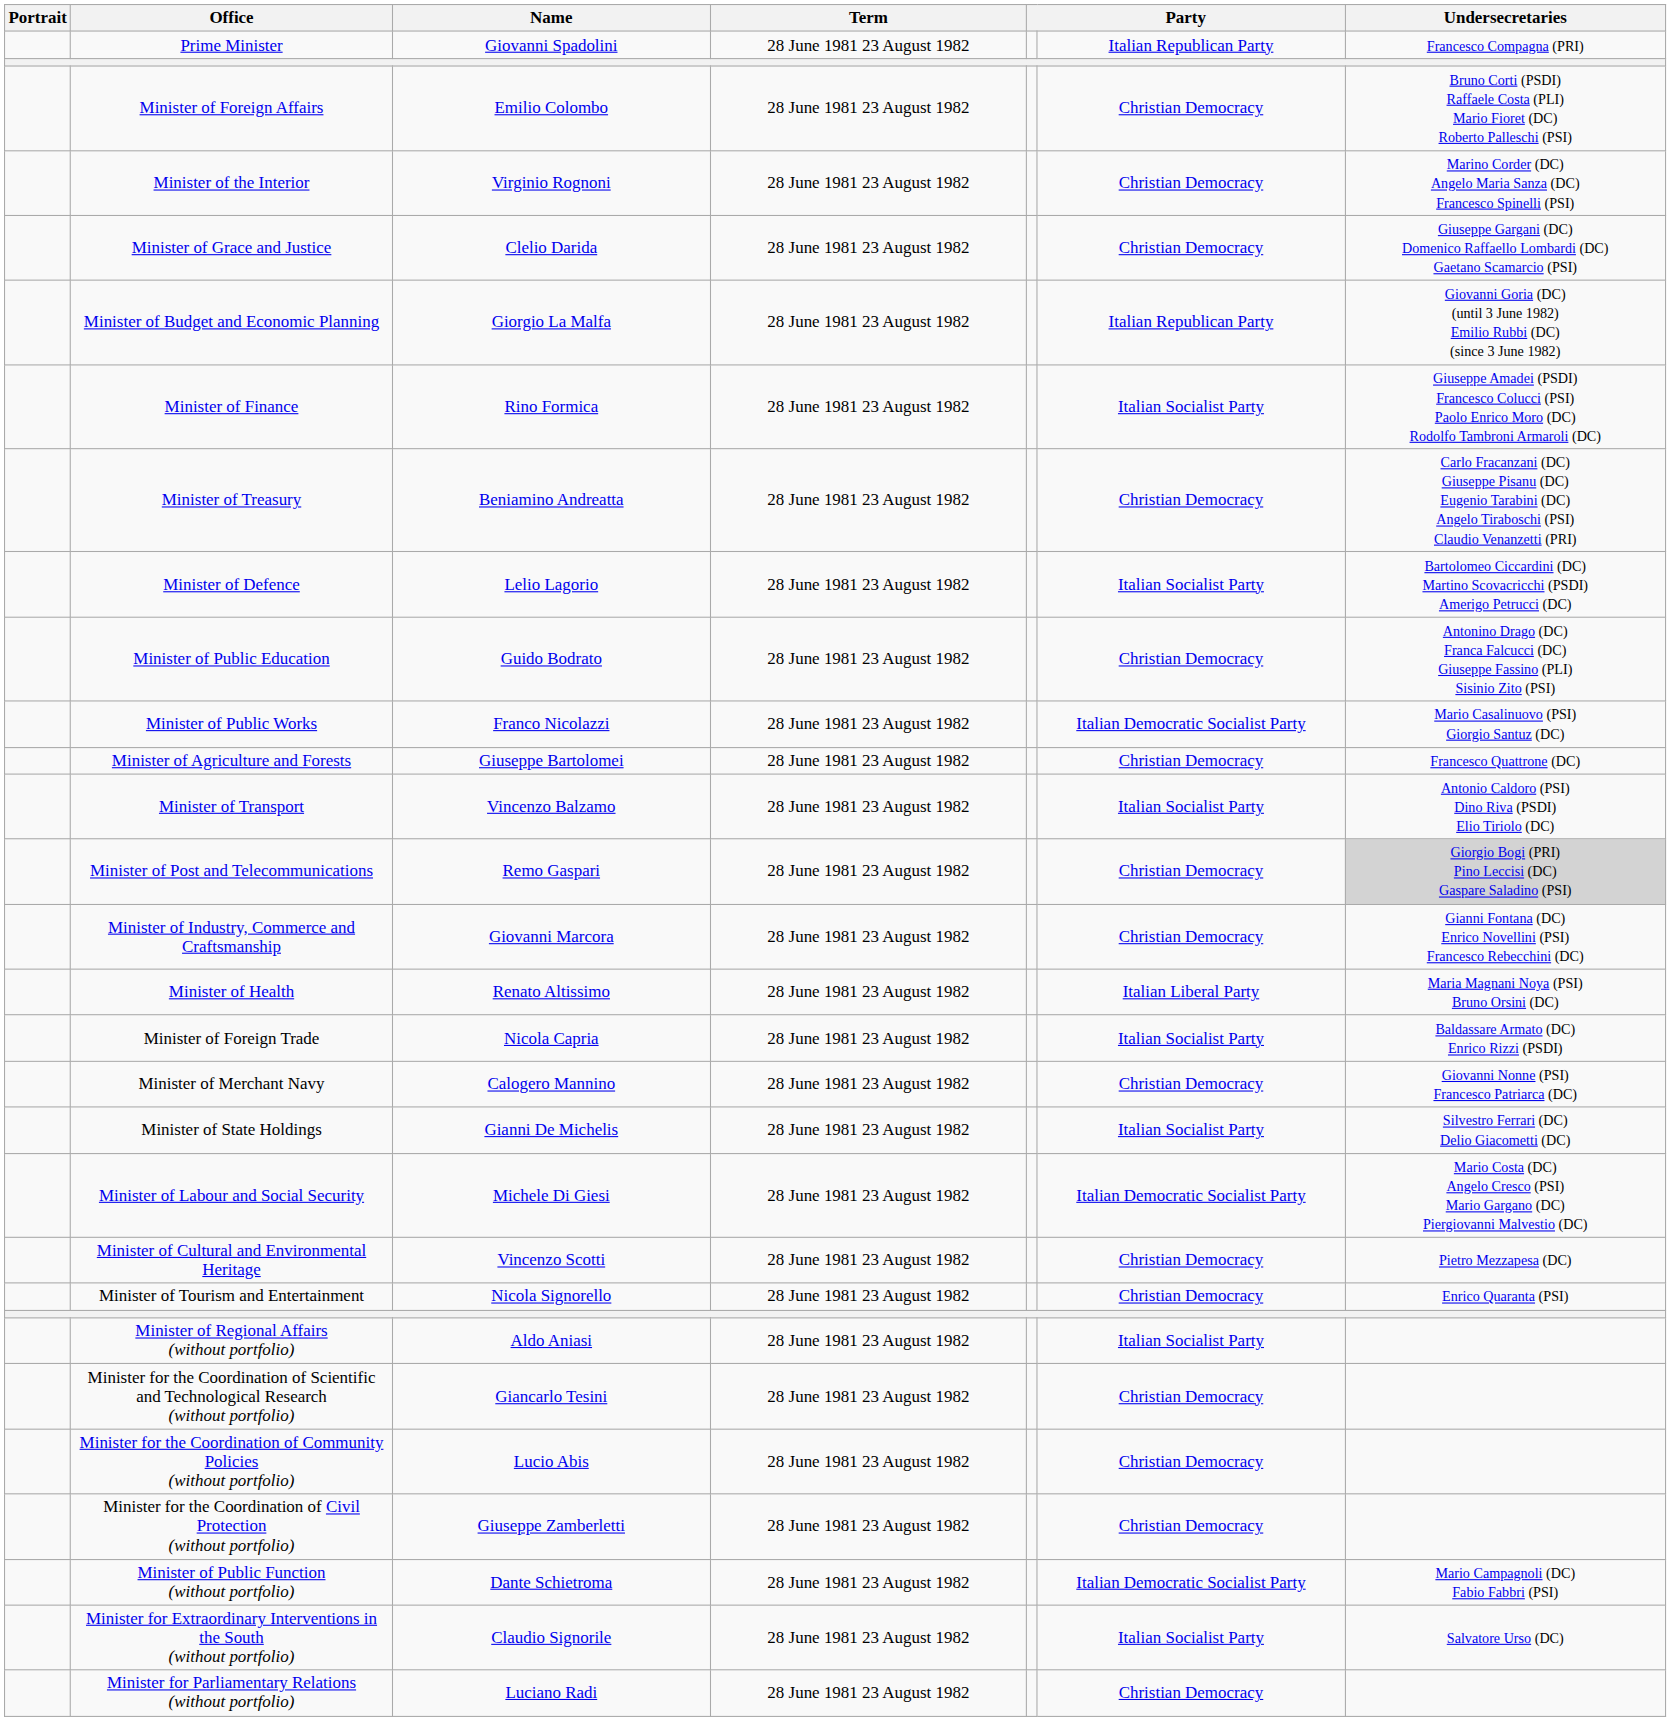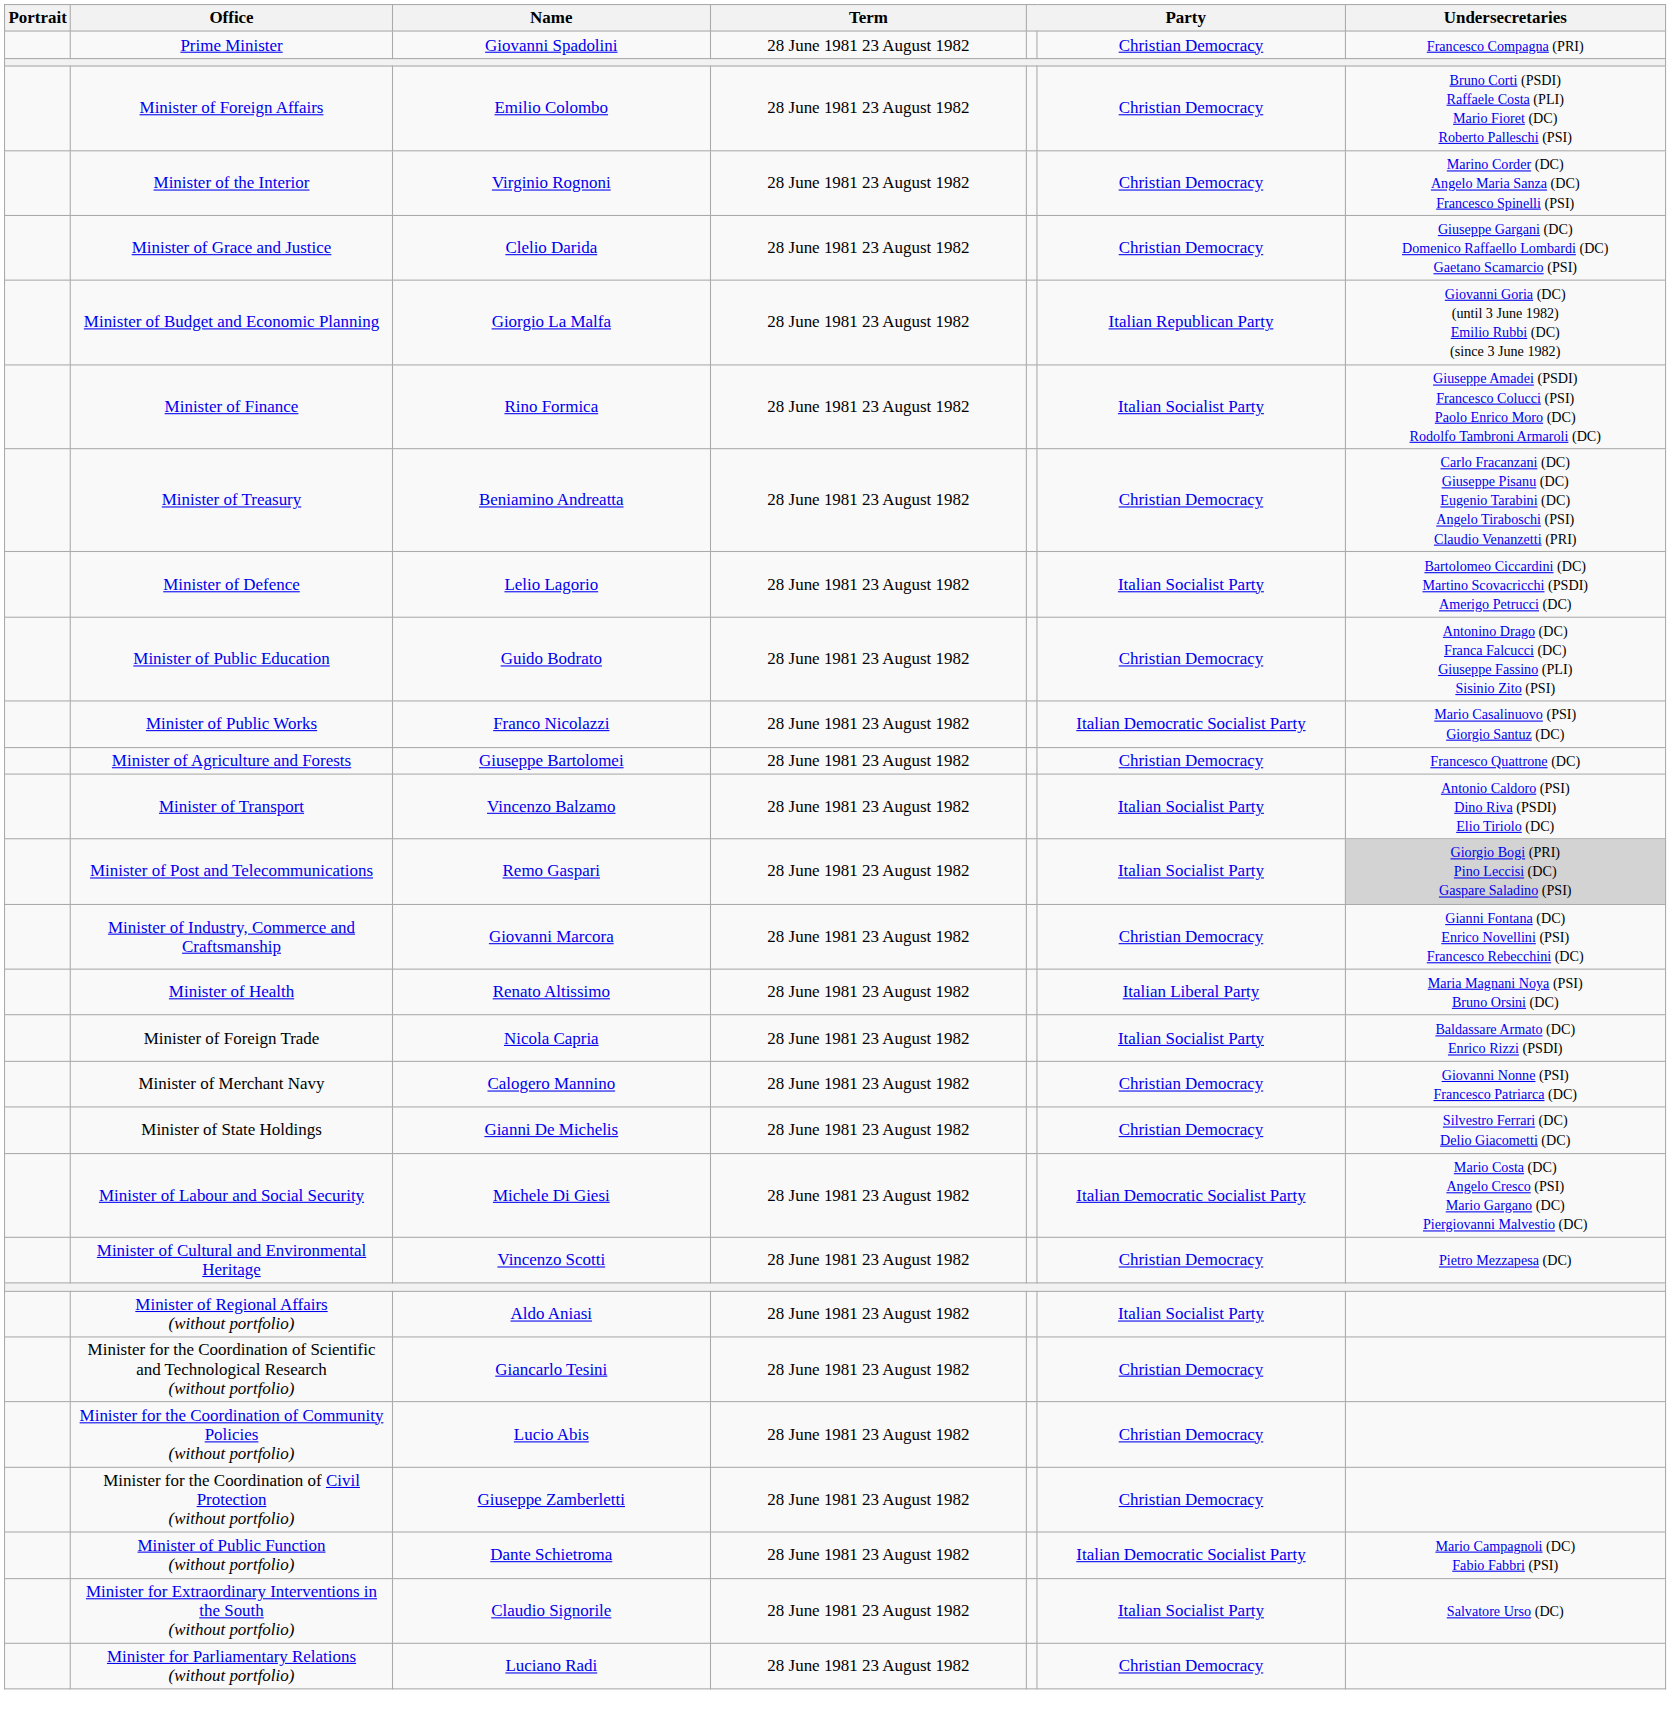 <table class="wikitable" style="text-align:center">
 <tr>
 <th>Portrait</th>
 <th width=20%>Office</th>
 <th width=20%>Name</th>
 <th width=20%>Term</th>
 <th width=20% colspan=2>Party</th>
 <th width=20%>Undersecretaries</th>
 </tr>
 <tr>
 <td></td>
 <td><a href='#'>Prime Minister</a></td>
 <td><a href='#'>Giovanni Spadolini</a></td>
 <td>28 June 1981  23 August 1982</td>
 <td style="color:inherit;background:"></td>
-<td><a href='#'>Italian Republican Party</a></td>
+<td><a href='#'>Christian Democracy</a></td>
 <td><small><a href='#'>Francesco Compagna</a> (PRI)</small></td>
 </tr>
 <tr>
 <th colspan="7"></th>
 </tr>
 <tr>
 <td></td>
 <td><a href='#'>Minister of Foreign Affairs</a></td>
 <td><a href='#'>Emilio Colombo</a></td>
 <td>28 June 1981  23 August 1982</td>
 <td style="background:"></td>
 <td><a href='#'>Christian Democracy</a></td>
 <td><small><a href='#'>Bruno Corti</a> (PSDI) <br> <a href='#'>Raffaele Costa</a> (PLI) <br> <a href='#'>Mario Fioret</a> (DC) <br> <a href='#'>Roberto Palleschi</a> (PSI)</small></td>
 </tr>
 <tr>
 <td></td>
 <td><a href='#'>Minister of the Interior</a></td>
 <td><a href='#'>Virginio Rognoni</a></td>
 <td>28 June 1981  23 August 1982</td>
 <td style="background:"></td>
 <td><a href='#'>Christian Democracy</a></td>
 <td><small><a href='#'>Marino Corder</a> (DC) <br> <a href='#'>Angelo Maria Sanza</a> (DC) <br> <a href='#'>Francesco Spinelli</a> (PSI)</small></td>
 </tr>
 <tr>
 <td></td>
 <td><a href='#'>Minister of Grace and Justice</a></td>
 <td><a href='#'>Clelio Darida</a></td>
 <td>28 June 1981  23 August 1982</td>
 <td style="background:"></td>
 <td><a href='#'>Christian Democracy</a></td>
 <td><small><a href='#'>Giuseppe Gargani</a> (DC) <br> <a href='#'>Domenico Raffaello Lombardi</a> (DC) <br> <a href='#'>Gaetano Scamarcio</a> (PSI)</small></td>
 </tr>
 <tr>
 <td></td>
 <td><a href='#'>Minister of Budget and Economic Planning</a></td>
 <td><a href='#'>Giorgio La Malfa</a></td>
 <td>28 June 1981  23 August 1982</td>
 <td style="background:"></td>
 <td><a href='#'>Italian Republican Party</a></td>
 <td><small><a href='#'>Giovanni Goria</a> (DC)<br>(until 3 June 1982)<br> <a href='#'>Emilio Rubbi</a> (DC)<br>(since 3 June 1982)</small></td>
 </tr>
 <tr>
 <td></td>
 <td><a href='#'>Minister of Finance</a></td>
 <td><a href='#'>Rino Formica</a></td>
 <td>28 June 1981  23 August 1982</td>
 <td style="background:"></td>
 <td><a href='#'>Italian Socialist Party</a></td>
 <td><small><a href='#'>Giuseppe Amadei</a> (PSDI) <br> <a href='#'>Francesco Colucci</a> (PSI) <br> <a href='#'>Paolo Enrico Moro</a> (DC) <br> <a href='#'>Rodolfo Tambroni Armaroli</a> (DC)</small></td>
 </tr>
 <tr>
 <td></td>
 <td><a href='#'>Minister of Treasury</a></td>
 <td><a href='#'>Beniamino Andreatta</a></td>
 <td>28 June 1981  23 August 1982</td>
 <td style="background:"></td>
 <td><a href='#'>Christian Democracy</a></td>
 <td><small><a href='#'>Carlo Fracanzani</a> (DC) <br> <a href='#'>Giuseppe Pisanu</a> (DC) <br> <a href='#'>Eugenio Tarabini</a> (DC) <br> <a href='#'>Angelo Tiraboschi</a> (PSI) <br> <a href='#'>Claudio Venanzetti</a> (PRI)</small></td>
 </tr>
 <tr>
 <td></td>
 <td><a href='#'>Minister of Defence</a></td>
 <td><a href='#'>Lelio Lagorio</a></td>
 <td>28 June 1981  23 August 1982</td>
 <td style="background:"></td>
 <td><a href='#'>Italian Socialist Party</a></td>
 <td><small><a href='#'>Bartolomeo Ciccardini</a> (DC) <br> <a href='#'>Martino Scovacricchi</a> (PSDI) <br> <a href='#'>Amerigo Petrucci</a> (DC)</small></td>
 </tr>
 <tr>
 <td></td>
 <td><a href='#'>Minister of Public Education</a></td>
 <td><a href='#'>Guido Bodrato</a></td>
 <td>28 June 1981  23 August 1982</td>
 <td style="background:"></td>
 <td><a href='#'>Christian Democracy</a></td>
 <td><small><a href='#'>Antonino Drago</a> (DC) <br> <a href='#'>Franca Falcucci</a> (DC) <br> <a href='#'>Giuseppe Fassino</a> (PLI) <br> <a href='#'>Sisinio Zito</a> (PSI)</small></td>
 </tr>
 <tr>
 <td></td>
 <td><a href='#'>Minister of Public Works</a></td>
 <td><a href='#'>Franco Nicolazzi</a></td>
 <td>28 June 1981  23 August 1982</td>
 <td style="background:"></td>
 <td><a href='#'>Italian Democratic Socialist Party</a></td>
 <td><small><a href='#'>Mario Casalinuovo</a> (PSI) <br> <a href='#'>Giorgio Santuz</a> (DC)</small></td>
 </tr>
 <tr>
 <td></td>
 <td><a href='#'>Minister of Agriculture and Forests</a></td>
 <td><a href='#'>Giuseppe Bartolomei</a></td>
 <td>28 June 1981  23 August 1982</td>
 <td style="background:"></td>
 <td><a href='#'>Christian Democracy</a></td>
 <td><small><a href='#'>Francesco Quattrone</a> (DC)</small></td>
 </tr>
 <tr>
 <td></td>
 <td><a href='#'>Minister of Transport</a></td>
 <td><a href='#'>Vincenzo Balzamo</a></td>
 <td>28 June 1981  23 August 1982</td>
 <td style="background:"></td>
 <td><a href='#'>Italian Socialist Party</a></td>
 <td><small><a href='#'>Antonio Caldoro</a> (PSI) <br> <a href='#'>Dino Riva</a> (PSDI) <br> <a href='#'>Elio Tiriolo</a> (DC)</small></td>
 </tr>
 <tr>
 <td></td>
 <td><a href='#'>Minister of Post and Telecommunications</a></td>
 <td><a href='#'>Remo Gaspari</a></td>
 <td>28 June 1981  23 August 1982</td>
 <td style="background:"></td>
-<td><a href='#'>Christian Democracy</a></td>
+<td><a href='#'>Italian Socialist Party</a></td>
 <td style="background: lightgrey;"><small><a href='#'>Giorgio Bogi</a> (PRI) <br> <a href='#'>Pino Leccisi</a> (DC) <br> <a href='#'>Gaspare Saladino</a> (PSI)</small></td>
 </tr>
 <tr>
 <td></td>
 <td><a href='#'>Minister of Industry, Commerce and Craftsmanship</a></td>
 <td><a href='#'>Giovanni Marcora</a></td>
 <td>28 June 1981  23 August 1982</td>
 <td style="background:"></td>
 <td><a href='#'>Christian Democracy</a></td>
 <td><small><a href='#'>Gianni Fontana</a> (DC) <br> <a href='#'>Enrico Novellini</a> (PSI) <br> <a href='#'>Francesco Rebecchini</a> (DC)</small></td>
 </tr>
 <tr>
 <td></td>
 <td><a href='#'>Minister of Health</a></td>
 <td><a href='#'>Renato Altissimo</a></td>
 <td>28 June 1981  23 August 1982</td>
 <td style="background:"></td>
 <td><a href='#'>Italian Liberal Party</a></td>
 <td><small><a href='#'>Maria Magnani Noya</a> (PSI) <br> <a href='#'>Bruno Orsini</a> (DC)</small></td>
 </tr>
 <tr>
 <td></td>
 <td>Minister of Foreign Trade</td>
 <td><a href='#'>Nicola Capria</a></td>
 <td>28 June 1981  23 August 1982</td>
 <td style="background:"></td>
 <td><a href='#'>Italian Socialist Party</a></td>
 <td><small><a href='#'>Baldassare Armato</a> (DC) <br> <a href='#'>Enrico Rizzi</a> (PSDI)</small></td>
 </tr>
 <tr>
 <td></td>
 <td>Minister of Merchant Navy</td>
 <td><a href='#'>Calogero Mannino</a></td>
 <td>28 June 1981  23 August 1982</td>
 <td style="background:"></td>
 <td><a href='#'>Christian Democracy</a></td>
 <td><small><a href='#'>Giovanni Nonne</a> (PSI) <br> <a href='#'>Francesco Patriarca</a> (DC)</small></td>
 </tr>
 <tr>
 <td></td>
 <td>Minister of State Holdings</td>
 <td><a href='#'>Gianni De Michelis</a></td>
 <td>28 June 1981  23 August 1982</td>
 <td style="background:"></td>
-<td><a href='#'>Italian Socialist Party</a></td>
+<td><a href='#'>Christian Democracy</a></td>
 <td><small><a href='#'>Silvestro Ferrari</a> (DC) <br> <a href='#'>Delio Giacometti</a> (DC)</small></td>
 </tr>
 <tr>
 <td></td>
 <td><a href='#'>Minister of Labour and Social Security</a></td>
 <td><a href='#'>Michele Di Giesi</a></td>
 <td>28 June 1981  23 August 1982</td>
 <td style="background:"></td>
 <td><a href='#'>Italian Democratic Socialist Party</a></td>
 <td><small><a href='#'>Mario Costa</a> (DC) <br> <a href='#'>Angelo Cresco</a> (PSI) <br> <a href='#'>Mario Gargano</a> (DC) <br> <a href='#'>Piergiovanni Malvestio</a> (DC)</small></td>
 </tr>
 <tr>
 <td></td>
 <td><a href='#'>Minister of Cultural and Environmental Heritage</a></td>
 <td><a href='#'>Vincenzo Scotti</a></td>
 <td>28 June 1981  23 August 1982</td>
 <td style="background:"></td>
 <td><a href='#'>Christian Democracy</a></td>
 <td><small><a href='#'>Pietro Mezzapesa</a> (DC)</small></td>
-</tr>
-<tr>
-<td></td>
-<td>Minister of Tourism and Entertainment</td>
-<td><a href='#'>Nicola Signorello</a></td>
-<td>28 June 1981  23 August 1982</td>
-<td style="background:"></td>
-<td><a href='#'>Christian Democracy</a></td>
-<td><small><a href='#'>Enrico Quaranta</a> (PSI)</small></td>
 </tr>
 <tr>
 <th colspan="7"></th>
 </tr>
 <tr>
 <td></td>
 <td><a href='#'>Minister of Regional Affairs</a> <br> <em>(without portfolio)</em></td>
 <td><a href='#'>Aldo Aniasi</a></td>
 <td>28 June 1981  23 August 1982</td>
 <td style="background:"></td>
 <td><a href='#'>Italian Socialist Party</a></td>
 <td></td>
 </tr>
 <tr>
 <td></td>
 <td>Minister for the Coordination of Scientific and Technological Research <br> <em>(without portfolio)</em></td>
 <td><a href='#'>Giancarlo Tesini</a></td>
 <td>28 June 1981  23 August 1982</td>
 <td style="background:"></td>
 <td><a href='#'>Christian Democracy</a></td>
 <td></td>
 </tr>
 <tr>
 <td></td>
 <td><a href='#'>Minister for the Coordination of Community Policies</a> <br> <em>(without portfolio)</em></td>
 <td><a href='#'>Lucio Abis</a></td>
 <td>28 June 1981  23 August 1982</td>
 <td style="background:"></td>
 <td><a href='#'>Christian Democracy</a></td>
 <td></td>
 </tr>
 <tr>
 <td></td>
 <td>Minister for the Coordination of <a href='#'>Civil Protection</a> <br> <em>(without portfolio)</em></td>
 <td><a href='#'>Giuseppe Zamberletti</a></td>
 <td>28 June 1981  23 August 1982</td>
 <td style="background:"></td>
 <td><a href='#'>Christian Democracy</a></td>
 <td></td>
 </tr>
 <tr>
 <td></td>
 <td><a href='#'>Minister of Public Function</a> <br> <em>(without portfolio)</em></td>
 <td><a href='#'>Dante Schietroma</a></td>
 <td>28 June 1981  23 August 1982</td>
 <td style="background:"></td>
 <td><a href='#'>Italian Democratic Socialist Party</a></td>
 <td><small><a href='#'>Mario Campagnoli</a> (DC) <br> <a href='#'>Fabio Fabbri</a> (PSI)</small></td>
 </tr>
 <tr>
 <td></td>
 <td><a href='#'>Minister for Extraordinary Interventions in the South</a> <br> <em>(without portfolio)</em></td>
 <td><a href='#'>Claudio Signorile</a></td>
 <td>28 June 1981  23 August 1982</td>
 <td style="background:"></td>
 <td><a href='#'>Italian Socialist Party</a></td>
 <td><small><a href='#'>Salvatore Urso</a> (DC)</small></td>
 </tr>
 <tr>
 <td></td>
 <td><a href='#'>Minister for Parliamentary Relations</a> <br> <em>(without portfolio)</em></td>
 <td><a href='#'>Luciano Radi</a></td>
 <td>28 June 1981  23 August 1982</td>
 <td style="background:"></td>
 <td><a href='#'>Christian Democracy</a></td>
 <td></td>
 </tr>
 </table>
